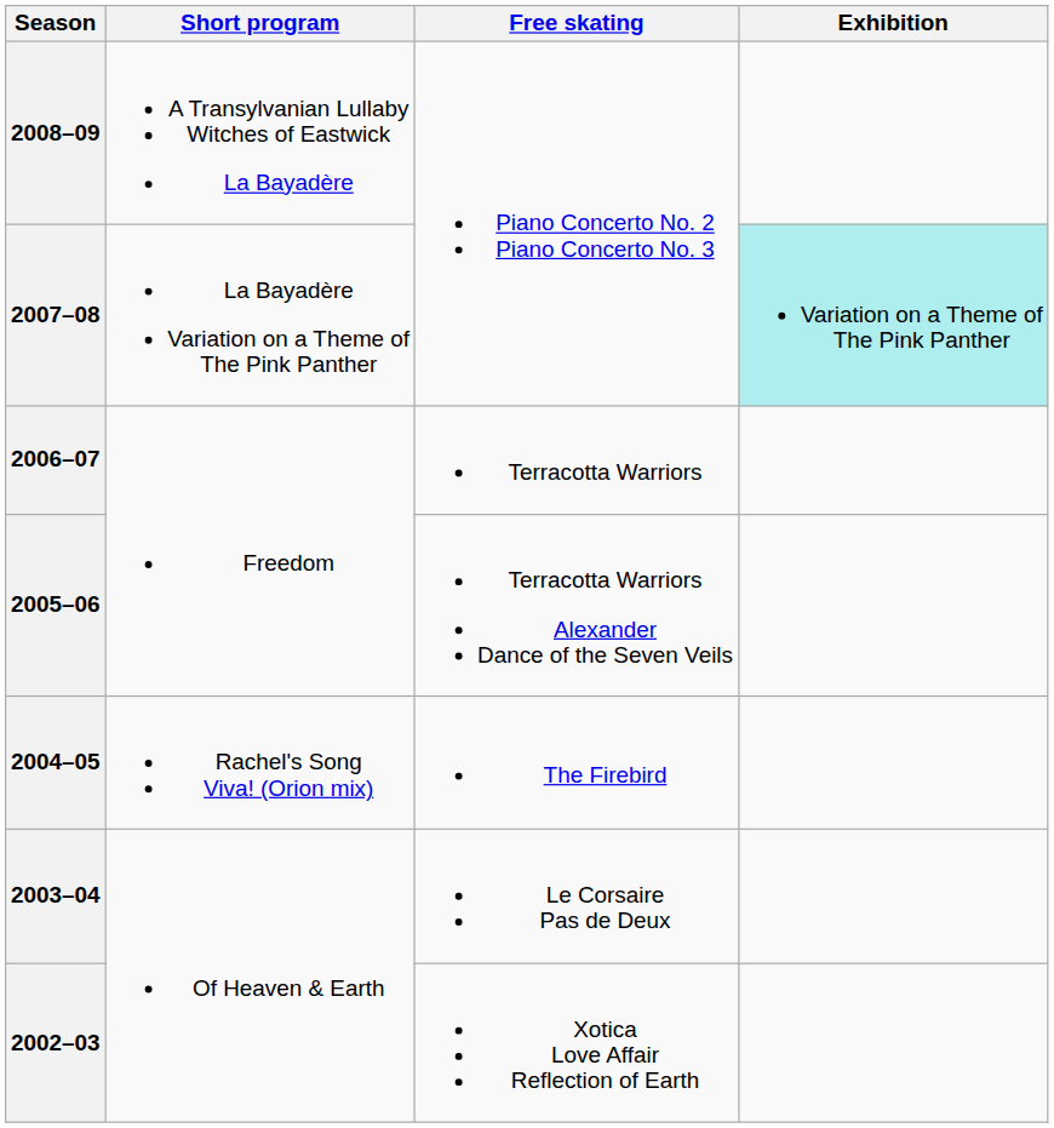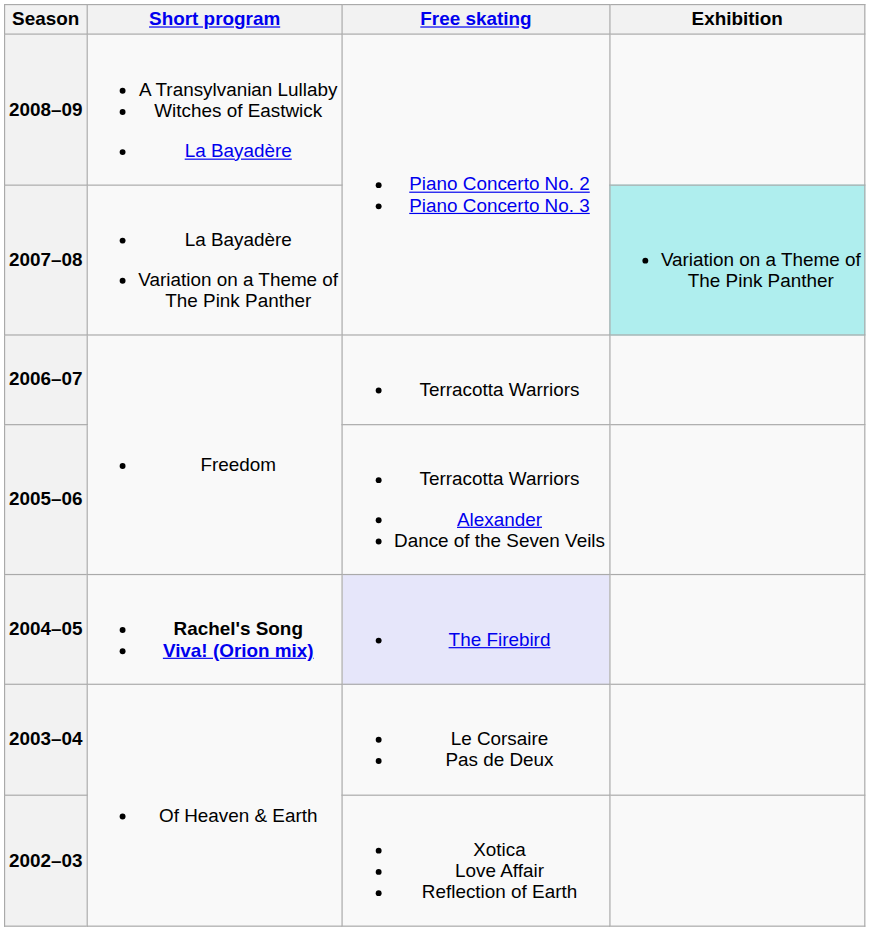 <table class="wikitable" style="text-align:center">
 <tr>
 <th>Season</th>
 <th><a href='#'>Short program</a></th>
 <th><a href='#'>Free skating</a></th>
 <th>Exhibition</th>
 </tr>
 <tr>
 <th>2008–09 <br> </th>
 <td><br><ul><li>A Transylvanian Lullaby <br></li><li>Witches of Eastwick <br></li></ul><ul><li><a href='#'>La Bayadère</a> <br></li></ul></td>
 <td rowspan=2><br><ul><li><a href='#'>Piano Concerto No. 2</a></li><li><a href='#'>Piano Concerto No. 3</a> <br></li></ul></td>
 <td></td>
 </tr>
 <tr>
 <th>2007–08 <br> </th>
 <td><br><ul><li>La Bayadère <br></li></ul><ul><li>Variation on a Theme of<br> The Pink Panther <br></li></ul></td>
 <td style="background: paleturquoise;"><br><ul><li>Variation on a Theme of<br> The Pink Panther <br></li></ul></td>
 </tr>
 <tr>
 <th>2006–07 <br> </th>
 <td rowspan=2><br><ul><li>Freedom</li></ul></td>
 <td><br><ul><li>Terracotta Warriors <br></li></ul></td>
 <td></td>
 </tr>
 <tr>
 <th>2005–06 <br> </th>
 <td><br><ul><li>Terracotta Warriors <br></li></ul><ul><li><a href='#'>Alexander</a> <br></li><li>Dance of the Seven Veils <br></li></ul></td>
 <td></td>
 </tr>
 <tr>
 <th>2004–05 <br> </th>
-<td><br><ul><li>Rachel's Song <br></li><li><a href='#'>Viva! (Orion mix)</a> <br></li></ul></td>
-<td><br><ul><li><a href='#'>The Firebird</a> <br></li></ul></td>
+<td><strong><br><ul><li>Rachel's Song <br></li><li><a href='#'>Viva! (Orion mix)</a> <br></li></ul></strong></td>
+<td style="background: lavender;"><br><ul><li><a href='#'>The Firebird</a> <br></li></ul></td>
 <td></td>
 </tr>
 <tr>
 <th>2003–04 <br> </th>
 <td rowspan=2><br><ul><li>Of Heaven & Earth <br></li></ul></td>
 <td><br><ul><li>Le Corsaire</li><li>Pas de Deux <br></li></ul></td>
 <td></td>
 </tr>
 <tr>
 <th>2002–03 <br> </th>
 <td><br><ul><li>Xotica <br></li><li>Love Affair <br></li><li>Reflection of Earth</li></ul></td>
 <td></td>
 </tr>
 </table>
